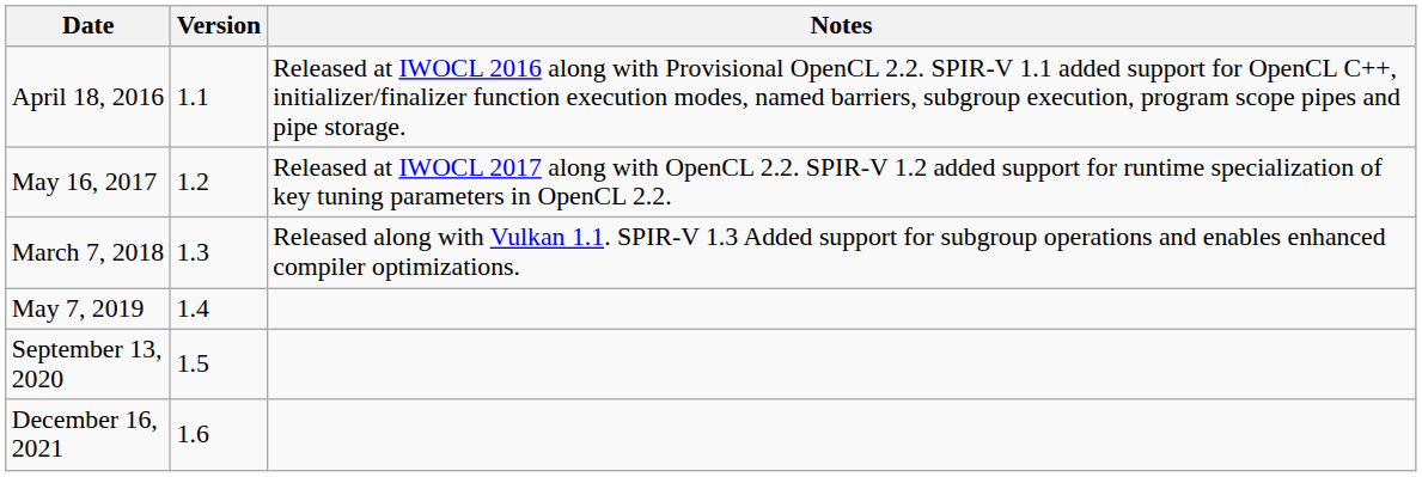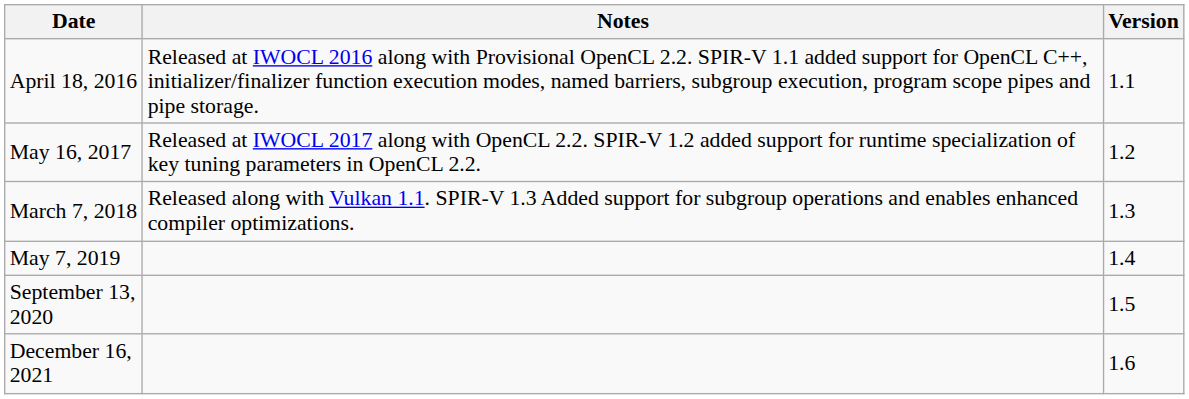 <table class="wikitable">
 <tr>
 <th>Date</th>
+<th>Notes</th>
 <th>Version</th>
-<th>Notes</th>
 </tr>
 <tr>
 <td>April 18, 2016</td>
+<td>Released at <a href='#'>IWOCL 2016</a> along with Provisional OpenCL 2.2. SPIR-V 1.1 added support for OpenCL C++, initializer/finalizer function execution modes, named barriers, subgroup execution, program scope pipes and pipe storage.</td>
 <td>1.1</td>
-<td>Released at <a href='#'>IWOCL 2016</a> along with Provisional OpenCL 2.2. SPIR-V 1.1 added support for OpenCL C++, initializer/finalizer function execution modes, named barriers, subgroup execution, program scope pipes and pipe storage.</td>
 </tr>
 <tr>
 <td>May 16, 2017</td>
+<td>Released at <a href='#'>IWOCL 2017</a> along with OpenCL 2.2. SPIR-V 1.2 added support for runtime specialization of key tuning parameters in OpenCL 2.2.</td>
 <td>1.2</td>
-<td>Released at <a href='#'>IWOCL 2017</a> along with OpenCL 2.2. SPIR-V 1.2 added support for runtime specialization of key tuning parameters in OpenCL 2.2.</td>
 </tr>
 <tr>
 <td>March 7, 2018</td>
+<td>Released along with <a href='#'>Vulkan 1.1</a>. SPIR-V 1.3 Added support for subgroup operations and enables enhanced compiler optimizations.</td>
 <td>1.3</td>
-<td>Released along with <a href='#'>Vulkan 1.1</a>. SPIR-V 1.3 Added support for subgroup operations and enables enhanced compiler optimizations.</td>
 </tr>
 <tr>
 <td>May 7, 2019</td>
+<td></td>
 <td>1.4</td>
-<td></td>
 </tr>
 <tr>
 <td>September 13, 2020</td>
+<td></td>
 <td>1.5</td>
-<td></td>
 </tr>
 <tr>
 <td>December 16, 2021</td>
+<td></td>
 <td>1.6</td>
-<td></td>
 </tr>
 </table>
